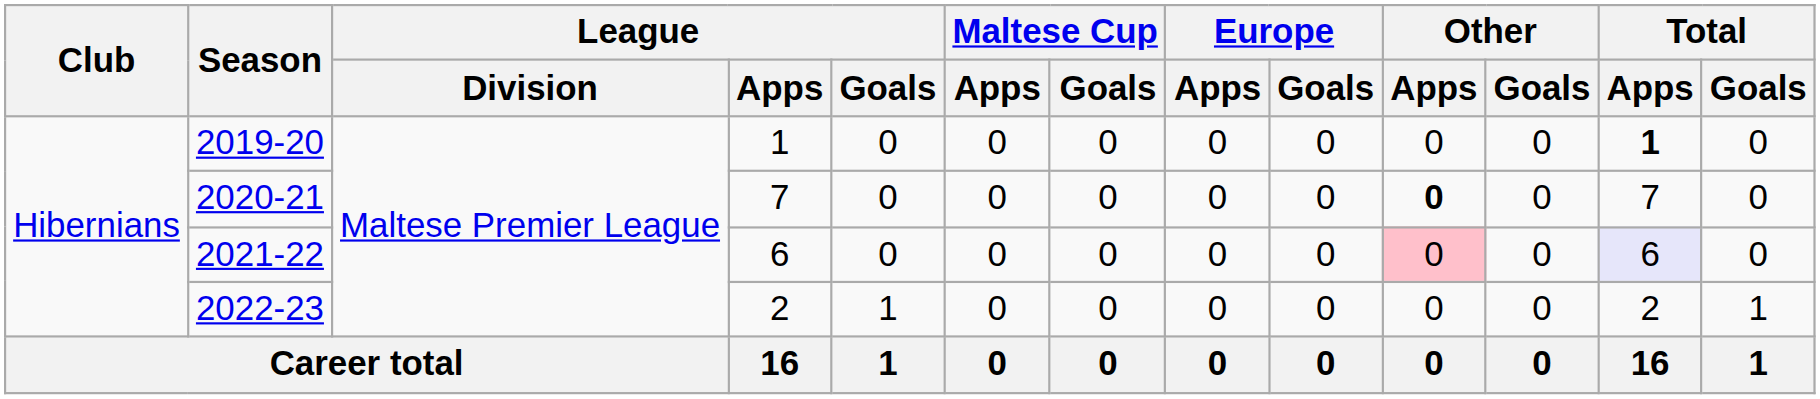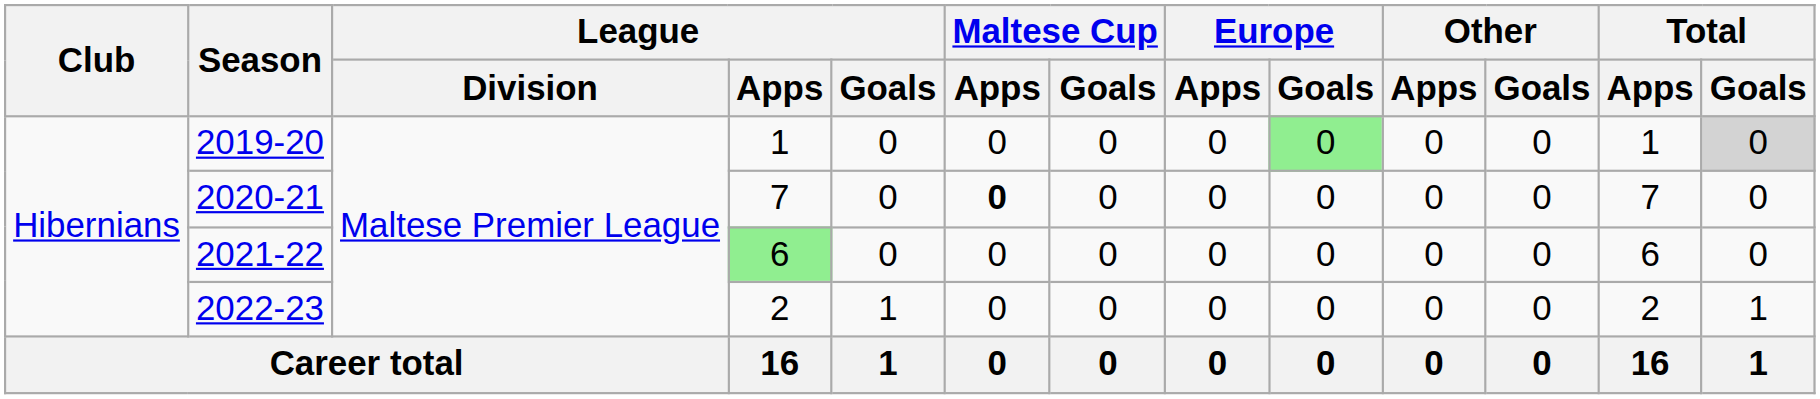 <table class="wikitable" style="text-align: center">
 <tr>
 <th rowspan="2">Club</th>
 <th rowspan="2">Season</th>
 <th colspan="3">League</th>
 <th colspan="2"><a href='#'>Maltese Cup</a></th>
 <th colspan="2"><a href='#'>Europe</a></th>
 <th colspan="2">Other</th>
 <th colspan="2">Total</th>
 </tr>
 <tr>
 <th>Division</th>
 <th>Apps</th>
 <th>Goals</th>
 <th>Apps</th>
 <th>Goals</th>
 <th>Apps</th>
 <th>Goals</th>
 <th>Apps</th>
 <th>Goals</th>
 <th>Apps</th>
 <th>Goals</th>
 </tr>
 <tr>
 <td rowspan="4"><a href='#'>Hibernians</a></td>
 <td><a href='#'>2019-20</a></td>
 <td rowspan="4"><a href='#'>Maltese Premier League</a></td>
 <td>1</td>
 <td>0</td>
 <td>0</td>
 <td>0</td>
 <td>0</td>
+<td style="background: lightgreen;">0</td>
 <td>0</td>
 <td>0</td>
-<td>0</td>
-<td><strong>1</strong></td>
-<td>0</td>
+<td>1</td>
+<td style="background: lightgrey;">0</td>
 </tr>
 <tr>
 <td><a href='#'>2020-21</a></td>
 <td>7</td>
 <td>0</td>
+<td><strong>0</strong></td>
 <td>0</td>
 <td>0</td>
 <td>0</td>
 <td>0</td>
-<td><strong>0</strong></td>
 <td>0</td>
 <td>7</td>
 <td>0</td>
 </tr>
 <tr>
 <td><a href='#'>2021-22</a></td>
-<td>6</td>
+<td style="background: lightgreen;">6</td>
 <td>0</td>
 <td>0</td>
 <td>0</td>
 <td>0</td>
 <td>0</td>
-<td style="background: pink;">0</td>
 <td>0</td>
-<td style="background: lavender;">6</td>
+<td>0</td>
+<td>6</td>
 <td>0</td>
 </tr>
 <tr>
 <td><a href='#'>2022-23</a></td>
 <td>2</td>
 <td>1</td>
 <td>0</td>
 <td>0</td>
 <td>0</td>
 <td>0</td>
 <td>0</td>
 <td>0</td>
 <td>2</td>
 <td>1</td>
 </tr>
 <tr>
 <th colspan="3">Career total</th>
 <th>16</th>
 <th>1</th>
 <th>0</th>
 <th>0</th>
 <th>0</th>
 <th>0</th>
 <th>0</th>
 <th>0</th>
 <th>16</th>
 <th>1</th>
 </tr>
 </table>
